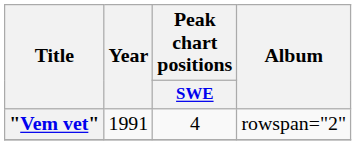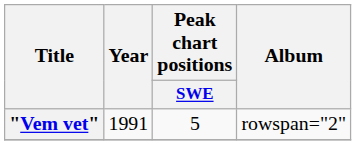 <table class="wikitable plainrowheaders" style="text-align:center;">
 <tr>
 <th scope="col" rowspan="2">Title</th>
 <th scope="col" rowspan="2">Year</th>
 <th scope="col" colspan="1">Peak chart positions</th>
 <th scope="col" rowspan="2">Album</th>
 </tr>
 <tr>
 <th scope="col" style="width:3em;font-size:85%;"><a href='#'>SWE</a></th>
 </tr>
 <tr>
 <th scope="row">"<a href='#'>Vem vet</a>"</th>
 <td>1991</td>
-<td>4</td>
+<td>5</td>
 <td>rowspan="2" </td>
 </tr>
 <tr>
 </tr>
 </table>
